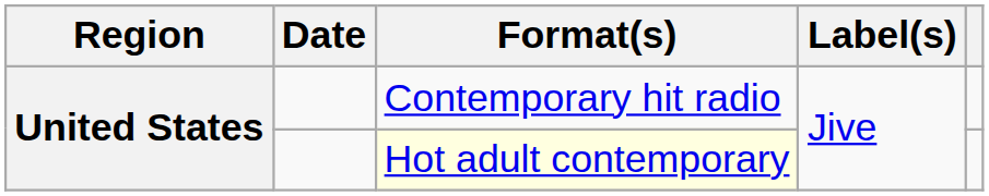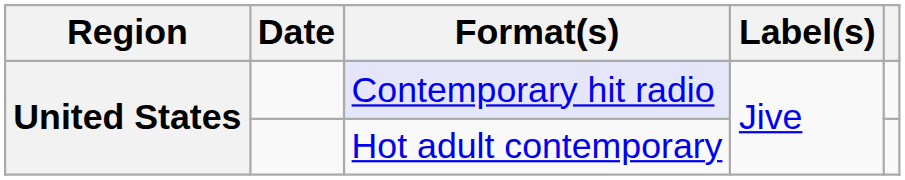 <table class="wikitable plainrowheaders" style="text-align:left">
 <tr>
 <th scope="col">Region</th>
 <th scope="col">Date</th>
 <th scope="col">Format(s)</th>
 <th scope="col">Label(s)</th>
 <th scope="col"></th>
 </tr>
 <tr>
 <th scope="row" rowspan="2">United States</th>
 <td></td>
-<td><a href='#'>Contemporary hit radio</a></td>
+<td style="background: lavender;"><a href='#'>Contemporary hit radio</a></td>
 <td rowspan="2"><a href='#'>Jive</a></td>
 <td align="center"></td>
 </tr>
 <tr>
 <td></td>
-<td style="background: lightyellow;"><a href='#'>Hot adult contemporary</a></td>
+<td><a href='#'>Hot adult contemporary</a></td>
 <td align="center"></td>
 </tr>
 </table>
